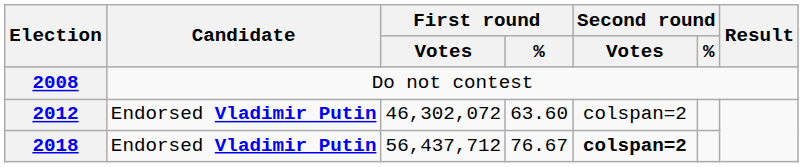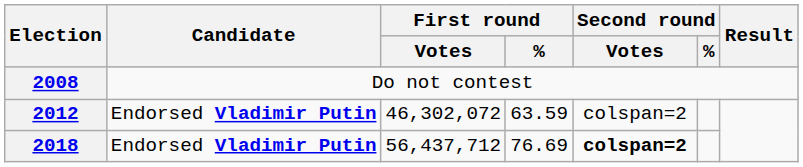 <table class=wikitable style=text-align:center>
 <tr>
 <th rowspan="2"><strong>Election</strong></th>
 <th rowspan="2">Candidate</th>
 <th colspan="2" scope="col">First round</th>
 <th colspan="2">Second round</th>
 <th rowspan="2">Result</th>
 </tr>
 <tr>
 <th><strong>Votes</strong></th>
 <th><strong>%</strong></th>
 <th><strong>Votes</strong></th>
 <th><strong>%</strong></th>
 </tr>
 <tr>
 <th><a href='#'>2008</a></th>
 <td colspan="6">Do not contest</td>
 </tr>
 <tr>
 <th><a href='#'>2012</a></th>
 <td align=left>Endorsed <strong><a href='#'>Vladimir Putin</a></strong></td>
 <td>46,302,072</td>
-<td>63.60</td>
+<td>63.59</td>
 <td>colspan=2 </td>
 <td></td>
 </tr>
 <tr>
 <th><a href='#'>2018</a></th>
 <td align=left>Endorsed <strong><a href='#'>Vladimir Putin</a></strong></td>
 <td>56,437,712</td>
-<td>76.67</td>
+<td>76.69</td>
 <td><strong>colspan=2 </strong></td>
 <td></td>
 </tr>
 </table>
